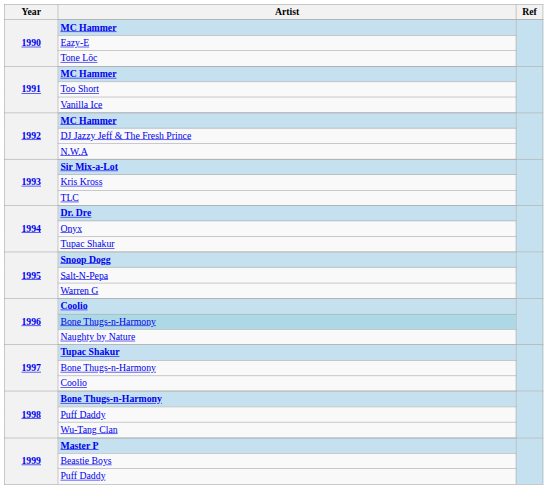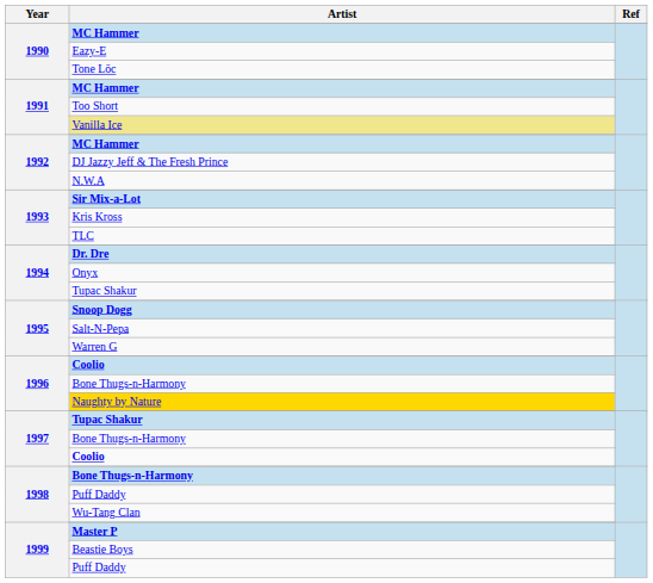 <table class="wikitable" width="100%">
 <tr>
 <th width="10%">Year</th>
 <th width="85%">Artist</th>
 <th width="5%">Ref</th>
 </tr>
 <tr>
 <th rowspan="4" align="center"><a href='#'>1990<br></a></th>
 </tr>
 <tr style="background:#c5e1f0">
 <td><strong><a href='#'>MC Hammer</a></strong></td>
 <td rowspan="4" align="center"></td>
 </tr>
 <tr>
 <td><a href='#'>Eazy-E</a></td>
 </tr>
 <tr>
 <td><a href='#'>Tone Lōc</a></td>
 </tr>
 <tr>
 <th rowspan="4" align="center"><a href='#'>1991<br></a></th>
 </tr>
 <tr style="background:#c5e1f0">
 <td><strong><a href='#'>MC Hammer</a></strong></td>
 <td rowspan="4" align="center"></td>
 </tr>
 <tr>
 <td><a href='#'>Too Short</a></td>
 </tr>
 <tr>
-<td><a href='#'>Vanilla Ice</a></td>
+<td style="background: khaki;"><a href='#'>Vanilla Ice</a></td>
 </tr>
 <tr>
 <th rowspan="4" align="center"><a href='#'>1992<br></a></th>
 </tr>
 <tr style="background:#c5e1f0">
 <td><strong><a href='#'>MC Hammer</a></strong></td>
 <td rowspan="4" align="center"></td>
 </tr>
 <tr>
 <td><a href='#'>DJ Jazzy Jeff & The Fresh Prince</a></td>
 </tr>
 <tr>
 <td><a href='#'>N.W.A</a></td>
 </tr>
 <tr>
 <th rowspan="4" align="center"><a href='#'>1993<br></a></th>
 </tr>
 <tr style="background:#c5e1f0">
 <td><strong><a href='#'>Sir Mix-a-Lot</a></strong></td>
 <td rowspan="4" align="center"></td>
 </tr>
 <tr>
 <td><a href='#'>Kris Kross</a></td>
 </tr>
 <tr>
 <td><a href='#'>TLC</a></td>
 </tr>
 <tr>
 <th rowspan="4" align="center"><a href='#'>1994<br></a></th>
 </tr>
 <tr style="background:#c5e1f0">
 <td><strong><a href='#'>Dr. Dre</a></strong></td>
 <td rowspan="4" align="center"></td>
 </tr>
 <tr>
 <td><a href='#'>Onyx</a></td>
 </tr>
 <tr>
 <td><a href='#'>Tupac Shakur</a></td>
 </tr>
 <tr>
 <th rowspan="4" align="center"><a href='#'>1995<br></a></th>
 </tr>
 <tr style="background:#c5e1f0">
 <td><strong><a href='#'>Snoop Dogg</a></strong></td>
 <td rowspan="4" align="center"></td>
 </tr>
 <tr>
 <td><a href='#'>Salt-N-Pepa</a></td>
 </tr>
 <tr>
 <td><a href='#'>Warren G</a></td>
 </tr>
 <tr>
 <th rowspan="4" align="center"><a href='#'>1996<br></a></th>
 </tr>
 <tr style="background:#c5e1f0">
 <td><strong><a href='#'>Coolio</a></strong></td>
 <td rowspan="4" align="center"></td>
 </tr>
 <tr>
-<td style="background: lightblue;"><a href='#'>Bone Thugs-n-Harmony</a></td>
+<td><a href='#'>Bone Thugs-n-Harmony</a></td>
 </tr>
 <tr>
-<td><a href='#'>Naughty by Nature</a></td>
+<td style="background: gold;"><a href='#'>Naughty by Nature</a></td>
 </tr>
 <tr>
 <th rowspan="4" align="center"><a href='#'>1997<br></a></th>
 </tr>
 <tr style="background:#c5e1f0">
 <td><strong><a href='#'>Tupac Shakur</a></strong></td>
 <td rowspan="4" align="center"></td>
 </tr>
 <tr>
 <td><a href='#'>Bone Thugs-n-Harmony</a></td>
 </tr>
 <tr>
-<td><a href='#'>Coolio</a></td>
+<td><strong><a href='#'>Coolio</a></strong></td>
 </tr>
 <tr>
 <th rowspan="4" align="center"><a href='#'>1998<br></a></th>
 </tr>
 <tr style="background:#c5e1f0">
 <td><strong><a href='#'>Bone Thugs-n-Harmony</a></strong></td>
 <td rowspan="4" align="center"></td>
 </tr>
 <tr>
 <td><a href='#'>Puff Daddy</a></td>
 </tr>
 <tr>
 <td><a href='#'>Wu-Tang Clan</a></td>
 </tr>
 <tr>
 <th rowspan="4" align="center"><a href='#'>1999<br></a></th>
 </tr>
 <tr style="background:#c5e1f0">
 <td><strong><a href='#'>Master P</a></strong></td>
 <td rowspan="4" align="center"></td>
 </tr>
 <tr>
 <td><a href='#'>Beastie Boys</a></td>
 </tr>
 <tr>
 <td><a href='#'>Puff Daddy</a></td>
 </tr>
 </table>
